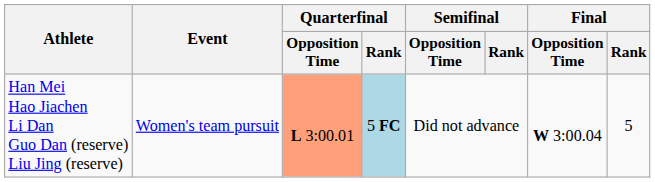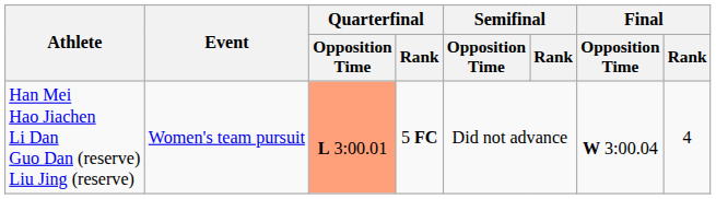 <table class="wikitable" style="font-size:90%">
 <tr>
 <th rowspan="2">Athlete</th>
 <th rowspan="2">Event</th>
 <th colspan=2>Quarterfinal</th>
 <th colspan=2>Semifinal</th>
 <th colspan="2">Final</th>
 </tr>
 <tr style="font-size:95%">
 <th>Opposition<br>Time</th>
 <th>Rank</th>
 <th>Opposition<br>Time</th>
 <th>Rank</th>
 <th>Opposition<br>Time</th>
 <th>Rank</th>
 </tr>
 <tr align=center>
 <td align=left><a href='#'>Han Mei</a><br><a href='#'>Hao Jiachen</a><br><a href='#'>Li Dan</a><br><a href='#'>Guo Dan</a> (reserve)<br><a href='#'>Liu Jing</a> (reserve)</td>
 <td align=left><a href='#'>Women's team pursuit</a></td>
 <td style="background: lightsalmon;"><br><strong>L</strong> 3:00.01</td>
-<td style="background: lightblue;">5 <strong>FC</strong></td>
+<td>5 <strong>FC</strong></td>
 <td colspan=2>Did not advance</td>
 <td><br><strong>W</strong> 3:00.04</td>
-<td>5</td>
+<td>4</td>
 </tr>
 </table>
